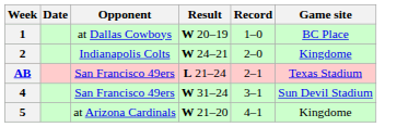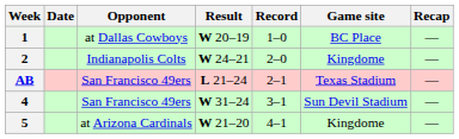 <table class="wikitable" style="text-align:center">
 <tr>
 <th>Week</th>
 <th>Date</th>
 <th>Opponent</th>
 <th>Result</th>
 <th>Record</th>
 <th>Game site</th>
+<th>Recap</th>
 </tr>
 <tr style="background:#cfc">
 <th>1</th>
 <td></td>
 <td>at <a href='#'>Dallas Cowboys</a></td>
 <td><strong>W</strong> 20–19</td>
 <td>1–0</td>
 <td> <a href='#'>BC Place</a> </td>
+<td>—</td>
 </tr>
 <tr style="background:#cfc">
 <th>2</th>
 <td></td>
 <td><a href='#'>Indianapolis Colts</a></td>
 <td><strong>W</strong> 24–21</td>
 <td>2–0</td>
 <td><a href='#'>Kingdome</a></td>
+<td>—</td>
 </tr>
 <tr style="background:#fcc">
 <th><a href='#'>AB</a></th>
 <td></td>
 <td><a href='#'>San Francisco 49ers</a></td>
 <td><strong>L</strong> 21–24</td>
 <td>2–1</td>
 <td><a href='#'>Texas Stadium</a></td>
+<td>—</td>
 </tr>
 <tr style="background:#cfc">
 <th>4</th>
 <td></td>
 <td><a href='#'>San Francisco 49ers</a></td>
 <td><strong>W</strong> 31–24</td>
 <td>3–1</td>
 <td><a href='#'>Sun Devil Stadium</a></td>
+<td>—</td>
 </tr>
 <tr style="background:#cfc">
 <th>5</th>
 <td></td>
 <td>at <a href='#'>Arizona Cardinals</a></td>
 <td><strong>W</strong> 21–20</td>
 <td>4–1</td>
 <td>Kingdome</td>
+<td>—</td>
 </tr>
 </table>
